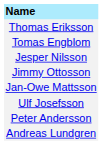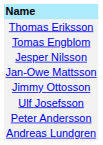 <table border=0 cellpadding=2 cellspacing=0  |- bgcolor=#F2F2F2 style="text-align:center; font-size:90%;">
 <tr bgcolor=#ADEBFD>
 <th align=left>Name</th>
 </tr>
 <tr>
 <td><a href='#'>Thomas Eriksson</a></td>
 </tr>
 <tr>
 <td><a href='#'>Tomas Engblom</a></td>
 </tr>
 <tr>
 <td><a href='#'>Jesper Nilsson</a></td>
 </tr>
 <tr>
-<td><a href='#'>Jimmy Ottosson</a></td>
+<td><a href='#'>Jan-Owe Mattsson</a></td>
 </tr>
 <tr>
-<td><a href='#'>Jan-Owe Mattsson</a></td>
+<td><a href='#'>Jimmy Ottosson</a></td>
 </tr>
 <tr>
 <td><a href='#'>Ulf Josefsson</a></td>
 </tr>
 <tr>
 <td><a href='#'>Peter Andersson</a></td>
 </tr>
 <tr>
 <td><a href='#'>Andreas Lundgren</a></td>
 </tr>
 </table>
